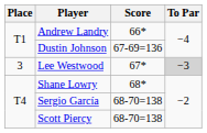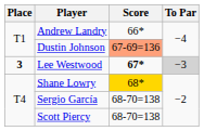 <table class="wikitable">
 <tr>
 <th>Place</th>
 <th>Player</th>
 <th>Score</th>
 <th>To Par</th>
 </tr>
 <tr>
 <td rowspan=2 align=center>T1</td>
 <td> <a href='#'>Andrew Landry</a></td>
 <td align=center>66*</td>
 <td rowspan=2 align=center>−4</td>
 </tr>
 <tr>
 <td> <a href='#'>Dustin Johnson</a></td>
-<td align=center>67-69=136</td>
+<td align=center style="background: lightsalmon;">67-69=136</td>
 </tr>
 <tr>
-<td align=center>3</td>
+<td align=center><strong>3</strong></td>
 <td> <a href='#'>Lee Westwood</a></td>
-<td align=center>67*</td>
+<td align=center><strong>67*</strong></td>
 <td align=center style="background: lightgrey;">−3</td>
 </tr>
 <tr>
 <td rowspan=3 align=center>T4</td>
 <td> <a href='#'>Shane Lowry</a></td>
-<td align=center>68*</td>
+<td align=center style="background: gold;">68*</td>
 <td rowspan=3 align=center>−2</td>
 </tr>
 <tr>
 <td> <a href='#'>Sergio García</a></td>
 <td>68-70=138</td>
 </tr>
 <tr>
 <td> <a href='#'>Scott Piercy</a></td>
 <td>68-70=138</td>
 </tr>
 </table>
